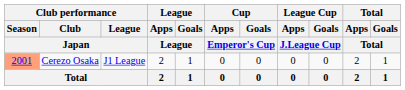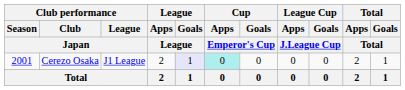 <table class="wikitable" style="text-align:center;">
 <tr>
 <th colspan=3>Club performance</th>
 <th colspan=2>League</th>
 <th colspan=2>Cup</th>
 <th colspan=2>League Cup</th>
 <th colspan=2>Total</th>
 </tr>
 <tr>
 <th>Season</th>
 <th>Club</th>
 <th>League</th>
 <th>Apps</th>
 <th>Goals</th>
 <th>Apps</th>
 <th>Goals</th>
 <th>Apps</th>
 <th>Goals</th>
 <th>Apps</th>
 <th>Goals</th>
 </tr>
 <tr>
 <th colspan=3>Japan</th>
 <th colspan=2>League</th>
 <th colspan=2><a href='#'>Emperor's Cup</a></th>
 <th colspan=2><a href='#'>J.League Cup</a></th>
 <th colspan=2>Total</th>
 </tr>
 <tr>
-<td style="background: lightsalmon;"><a href='#'>2001</a></td>
+<td><a href='#'>2001</a></td>
 <td><a href='#'>Cerezo Osaka</a></td>
 <td><a href='#'>J1 League</a></td>
 <td>2</td>
-<td>1</td>
-<td>0</td>
+<td style="background: lavender;">1</td>
+<td style="background: paleturquoise;">0</td>
 <td>0</td>
 <td>0</td>
 <td>0</td>
 <td>2</td>
 <td>1</td>
 </tr>
 <tr>
 <th colspan=3>Total</th>
 <th>2</th>
 <th>1</th>
 <th>0</th>
 <th>0</th>
 <th>0</th>
 <th>0</th>
 <th>2</th>
 <th>1</th>
 </tr>
 </table>
